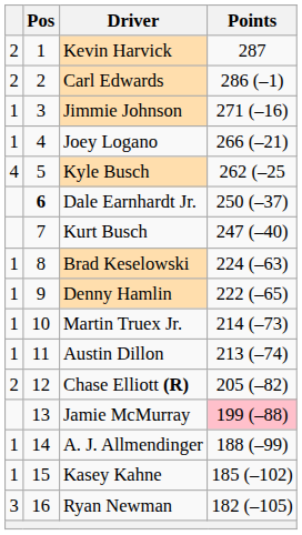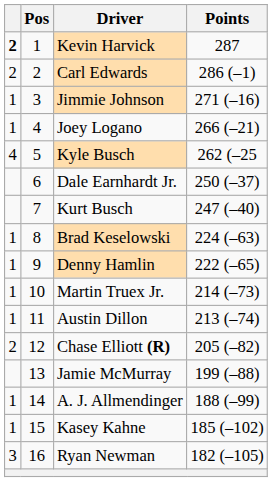 <table class="wikitable" style="font-size: 95%;">
 <tr>
 <th></th>
 <th>Pos</th>
 <th>Driver</th>
 <th>Points</th>
 </tr>
 <tr>
-<td align="left"> 2</td>
+<td align="left"><strong> 2</strong></td>
 <td style="text-align:center;">1</td>
 <td style="background:#FFDEAD;">Kevin Harvick</td>
 <td style="text-align:center;">287</td>
 </tr>
 <tr>
 <td align="left"> 2</td>
 <td style="text-align:center;">2</td>
 <td style="background:#FFDEAD;">Carl Edwards</td>
 <td style="text-align:center;">286 (–1)</td>
 </tr>
 <tr>
 <td align="left"> 1</td>
 <td style="text-align:center;">3</td>
 <td style="background:#FFDEAD;">Jimmie Johnson</td>
 <td style="text-align:center;">271 (–16)</td>
 </tr>
 <tr>
 <td align="left"> 1</td>
 <td style="text-align:center;">4</td>
 <td>Joey Logano</td>
 <td style="text-align:center;">266 (–21)</td>
 </tr>
 <tr>
 <td align="left"> 4</td>
 <td style="text-align:center;">5</td>
 <td style="background:#FFDEAD;">Kyle Busch</td>
 <td style="text-align:center;">262 (–25</td>
 </tr>
 <tr>
 <td align="left"></td>
-<td style="text-align:center;"><strong>6</strong></td>
+<td style="text-align:center;">6</td>
 <td>Dale Earnhardt Jr.</td>
 <td style="text-align:center;">250 (–37)</td>
 </tr>
 <tr>
 <td align="left"></td>
 <td style="text-align:center;">7</td>
 <td>Kurt Busch</td>
 <td style="text-align:center;">247 (–40)</td>
 </tr>
 <tr>
 <td align="left"> 1</td>
 <td style="text-align:center;">8</td>
 <td style="background:#FFDEAD;">Brad Keselowski</td>
 <td style="text-align:center;">224 (–63)</td>
 </tr>
 <tr>
 <td align="left"> 1</td>
 <td style="text-align:center;">9</td>
 <td style="background:#FFDEAD;">Denny Hamlin</td>
 <td style="text-align:center;">222 (–65)</td>
 </tr>
 <tr>
 <td align="left"> 1</td>
 <td style="text-align:center;">10</td>
 <td>Martin Truex Jr.</td>
 <td style="text-align:center;">214 (–73)</td>
 </tr>
 <tr>
 <td align="left"> 1</td>
 <td style="text-align:center;">11</td>
 <td>Austin Dillon</td>
 <td style="text-align:center;">213 (–74)</td>
 </tr>
 <tr>
 <td align="left"> 2</td>
 <td style="text-align:center;">12</td>
 <td>Chase Elliott <strong>(R)</strong></td>
 <td style="text-align:center;">205 (–82)</td>
 </tr>
 <tr>
 <td align="left"></td>
 <td style="text-align:center;">13</td>
 <td>Jamie McMurray</td>
-<td style="background: pink; text-align:center;">199 (–88)</td>
+<td style="text-align:center;">199 (–88)</td>
 </tr>
 <tr>
 <td align="left"> 1</td>
 <td style="text-align:center;">14</td>
 <td>A. J. Allmendinger</td>
 <td style="text-align:center;">188 (–99)</td>
 </tr>
 <tr>
 <td align="left"> 1</td>
 <td style="text-align:center;">15</td>
 <td>Kasey Kahne</td>
 <td style="text-align:center;">185 (–102)</td>
 </tr>
 <tr>
 <td align="left"> 3</td>
 <td style="text-align:center;">16</td>
 <td>Ryan Newman</td>
 <td style="text-align:center;">182 (–105)</td>
 </tr>
 <tr class="sortbottom">
 <th colspan="9"></th>
 </tr>
 </table>
